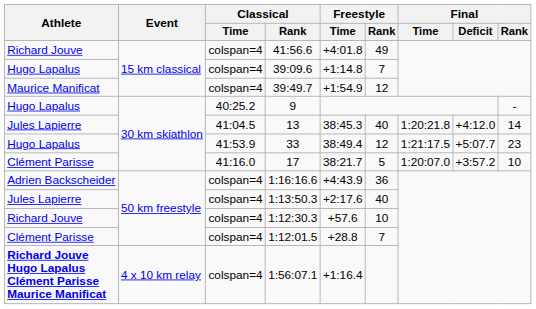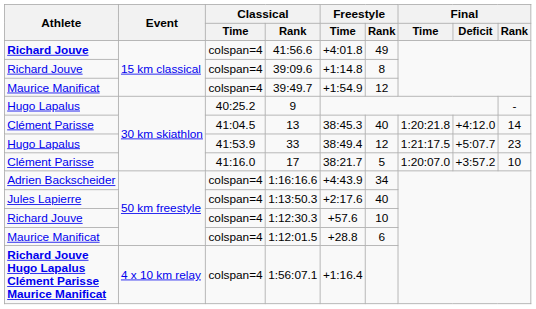 <table class="wikitable" style="font-size:90%">
 <tr>
 <th rowspan=2>Athlete</th>
 <th rowspan=2>Event</th>
 <th colspan=2>Classical</th>
 <th colspan=2>Freestyle</th>
 <th colspan=3>Final</th>
 </tr>
 <tr style="font-size: 95%">
 <th>Time</th>
 <th>Rank</th>
 <th>Time</th>
 <th>Rank</th>
 <th>Time</th>
 <th>Deficit</th>
 <th>Rank</th>
 </tr>
 <tr align=center>
-<td align=left><a href='#'>Richard Jouve</a></td>
+<td align=left><strong><a href='#'>Richard Jouve</a></strong></td>
 <td align=left rowspan=3><a href='#'>15 km classical</a></td>
 <td>colspan=4 </td>
 <td>41:56.6</td>
 <td>+4:01.8</td>
 <td>49</td>
 </tr>
 <tr align=center>
-<td align=left><a href='#'>Hugo Lapalus</a></td>
+<td align=left><a href='#'>Richard Jouve</a></td>
 <td>colspan=4 </td>
 <td>39:09.6</td>
 <td>+1:14.8</td>
-<td>7</td>
+<td>8</td>
 </tr>
 <tr align=center>
 <td align=left><a href='#'>Maurice Manificat</a></td>
 <td>colspan=4 </td>
 <td>39:49.7</td>
 <td>+1:54.9</td>
 <td>12</td>
 </tr>
 <tr align=center>
 <td align=left><a href='#'>Hugo Lapalus</a></td>
 <td align=left rowspan=4><a href='#'>30 km skiathlon</a></td>
 <td>40:25.2</td>
 <td>9</td>
 <td colspan=4></td>
 <td>-</td>
 </tr>
 <tr align=center>
-<td align=left><a href='#'>Jules Lapierre</a></td>
+<td align=left><a href='#'>Clément Parisse</a></td>
 <td>41:04.5</td>
 <td>13</td>
 <td>38:45.3</td>
 <td>40</td>
 <td>1:20:21.8</td>
 <td>+4:12.0</td>
 <td>14</td>
 </tr>
 <tr align=center>
 <td align=left><a href='#'>Hugo Lapalus</a></td>
 <td>41:53.9</td>
 <td>33</td>
 <td>38:49.4</td>
 <td>12</td>
 <td>1:21:17.5</td>
 <td>+5:07.7</td>
 <td>23</td>
 </tr>
 <tr align=center>
 <td align=left><a href='#'>Clément Parisse</a></td>
 <td>41:16.0</td>
 <td>17</td>
 <td>38:21.7</td>
 <td>5</td>
 <td>1:20:07.0</td>
 <td>+3:57.2</td>
 <td>10</td>
 </tr>
 <tr align=center>
 <td align=left><a href='#'>Adrien Backscheider</a></td>
 <td align=left rowspan=4><a href='#'>50 km freestyle</a></td>
 <td>colspan=4 </td>
 <td>1:16:16.6</td>
 <td>+4:43.9</td>
-<td>36</td>
+<td>34</td>
 </tr>
 <tr align=center>
 <td align=left><a href='#'>Jules Lapierre</a></td>
 <td>colspan=4 </td>
 <td>1:13:50.3</td>
 <td>+2:17.6</td>
 <td>40</td>
 </tr>
 <tr align=center>
 <td align=left><a href='#'>Richard Jouve</a></td>
 <td>colspan=4 </td>
 <td>1:12:30.3</td>
 <td>+57.6</td>
 <td>10</td>
 </tr>
 <tr align=center>
-<td align=left><a href='#'>Clément Parisse</a></td>
+<td align=left><a href='#'>Maurice Manificat</a></td>
 <td>colspan=4 </td>
 <td>1:12:01.5</td>
 <td>+28.8</td>
-<td>7</td>
+<td>6</td>
 </tr>
 <tr align=center>
 <td align=left><strong><a href='#'>Richard Jouve</a><br><a href='#'>Hugo Lapalus</a><br><a href='#'>Clément Parisse</a><br><a href='#'>Maurice Manificat</a></strong></td>
 <td align=left><a href='#'>4 x 10 km relay</a></td>
 <td>colspan=4 </td>
 <td>1:56:07.1</td>
 <td>+1:16.4</td>
 <td></td>
 </tr>
 </table>
